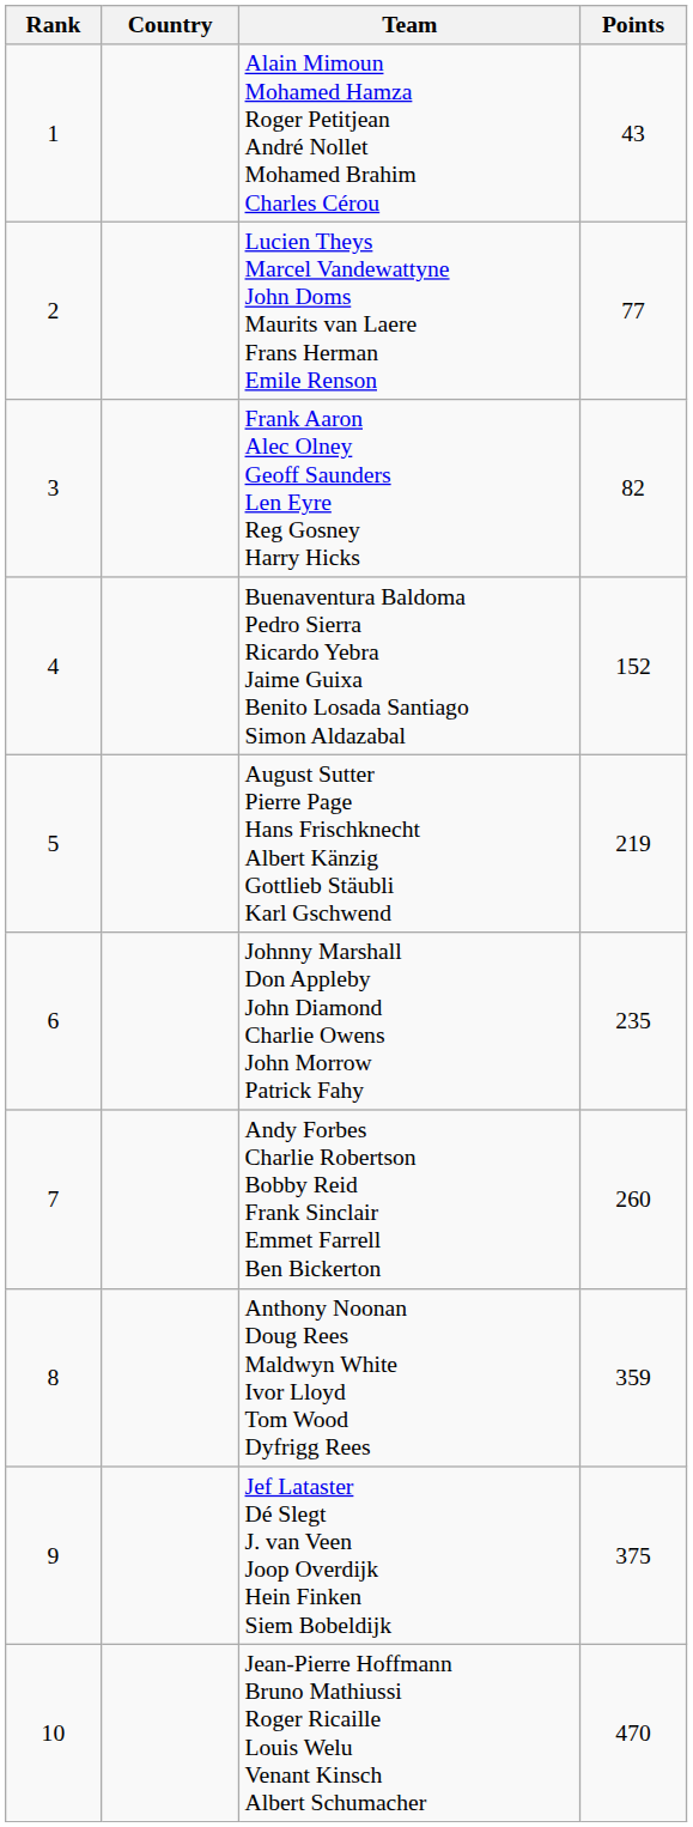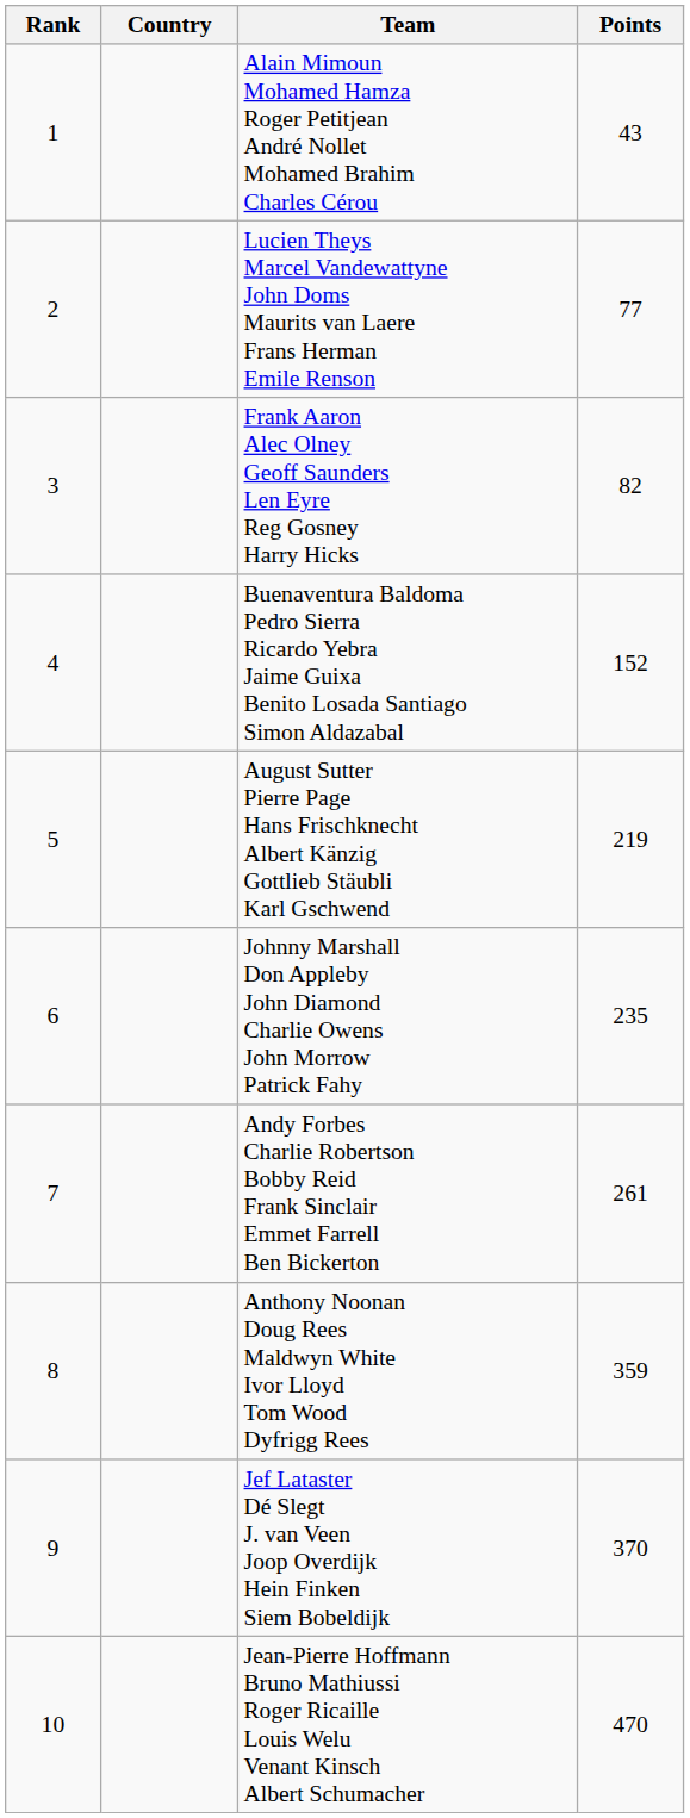 <table class="wikitable sortable" style=" text-align:center; font-size:95%;" width="50%">
 <tr>
 <th>Rank</th>
 <th>Country</th>
 <th>Team</th>
 <th>Points</th>
 </tr>
 <tr>
 <td align=center>1</td>
 <td align=left></td>
 <td align=left><a href='#'>Alain Mimoun</a><br><a href='#'>Mohamed Hamza</a><br>Roger Petitjean<br>André Nollet<br>Mohamed Brahim<br><a href='#'>Charles Cérou</a></td>
 <td>43</td>
 </tr>
 <tr>
 <td align=center>2</td>
 <td align=left></td>
 <td align=left><a href='#'>Lucien Theys</a><br><a href='#'>Marcel Vandewattyne</a><br><a href='#'>John Doms</a><br>Maurits van Laere<br>Frans Herman<br><a href='#'>Emile Renson</a></td>
 <td>77</td>
 </tr>
 <tr>
 <td align=center>3</td>
 <td align=left></td>
 <td align=left><a href='#'>Frank Aaron</a><br><a href='#'>Alec Olney</a><br><a href='#'>Geoff Saunders</a><br><a href='#'>Len Eyre</a><br>Reg Gosney<br>Harry Hicks</td>
 <td>82</td>
 </tr>
 <tr>
 <td align=center>4</td>
 <td align=left></td>
 <td align=left>Buenaventura Baldoma<br>Pedro Sierra<br>Ricardo Yebra<br>Jaime Guixa<br>Benito Losada Santiago<br>Simon Aldazabal</td>
 <td>152</td>
 </tr>
 <tr>
 <td align=center>5</td>
 <td align=left></td>
 <td align=left>August Sutter<br>Pierre Page<br>Hans Frischknecht<br>Albert Känzig<br>Gottlieb Stäubli<br>Karl Gschwend</td>
 <td>219</td>
 </tr>
 <tr>
 <td align=center>6</td>
 <td align=left></td>
 <td align=left>Johnny Marshall<br>Don Appleby<br>John Diamond<br>Charlie Owens<br>John Morrow<br>Patrick Fahy</td>
 <td>235</td>
 </tr>
 <tr>
 <td align=center>7</td>
 <td align=left></td>
 <td align=left>Andy Forbes<br>Charlie Robertson<br>Bobby Reid<br>Frank Sinclair<br>Emmet Farrell<br>Ben Bickerton</td>
-<td>260</td>
+<td>261</td>
 </tr>
 <tr>
 <td align=center>8</td>
 <td align=left></td>
 <td align=left>Anthony Noonan<br>Doug Rees<br>Maldwyn White<br>Ivor Lloyd<br>Tom Wood<br>Dyfrigg Rees</td>
 <td>359</td>
 </tr>
 <tr>
 <td align=center>9</td>
 <td align=left></td>
 <td align=left><a href='#'>Jef Lataster</a><br>Dé Slegt<br>J. van Veen<br>Joop Overdijk<br>Hein Finken<br>Siem Bobeldijk</td>
-<td>375</td>
+<td>370</td>
 </tr>
 <tr>
 <td align=center>10</td>
 <td align=left></td>
 <td align=left>Jean-Pierre Hoffmann<br>Bruno Mathiussi<br>Roger Ricaille<br>Louis Welu<br>Venant Kinsch<br>Albert Schumacher</td>
 <td>470</td>
 </tr>
 </table>
